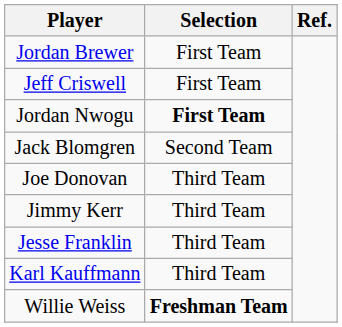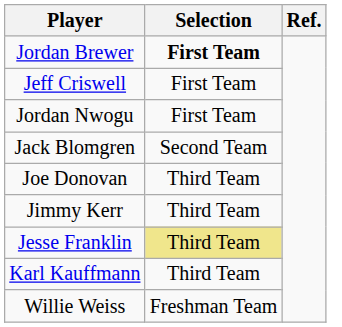 <table class="wikitable sortable sortable" style="text-align: center">
 <tr align=center>
 <th>Player</th>
 <th>Selection</th>
 <th>Ref.</th>
 </tr>
 <tr>
 <td><a href='#'>Jordan Brewer</a></td>
-<td>First Team</td>
+<td><strong>First Team</strong></td>
 <td rowspan="9"></td>
 </tr>
 <tr>
 <td><a href='#'>Jeff Criswell</a></td>
 <td>First Team</td>
 </tr>
 <tr>
 <td>Jordan Nwogu</td>
-<td><strong>First Team</strong></td>
+<td>First Team</td>
 </tr>
 <tr>
 <td>Jack Blomgren</td>
 <td>Second Team</td>
 </tr>
 <tr>
 <td>Joe Donovan</td>
 <td>Third Team</td>
 </tr>
 <tr>
 <td>Jimmy Kerr</td>
 <td>Third Team</td>
 </tr>
 <tr>
 <td><a href='#'>Jesse Franklin</a></td>
-<td>Third Team</td>
+<td style="background: khaki;">Third Team</td>
 </tr>
 <tr>
 <td><a href='#'>Karl Kauffmann</a></td>
 <td>Third Team</td>
 </tr>
 <tr>
 <td>Willie Weiss</td>
-<td><strong>Freshman Team</strong></td>
+<td>Freshman Team</td>
 </tr>
 </table>
